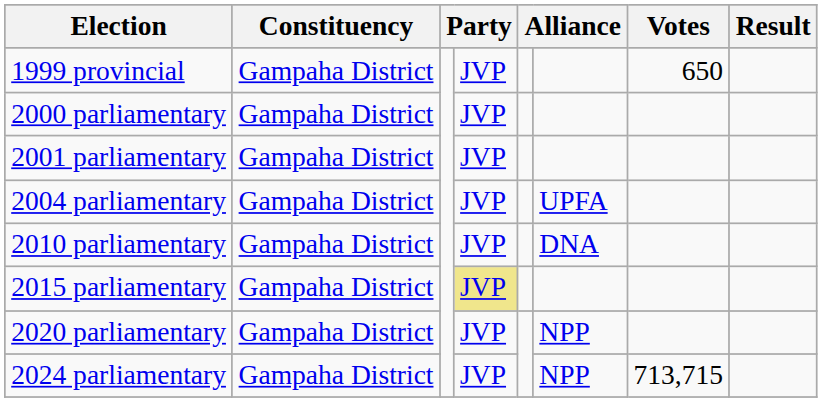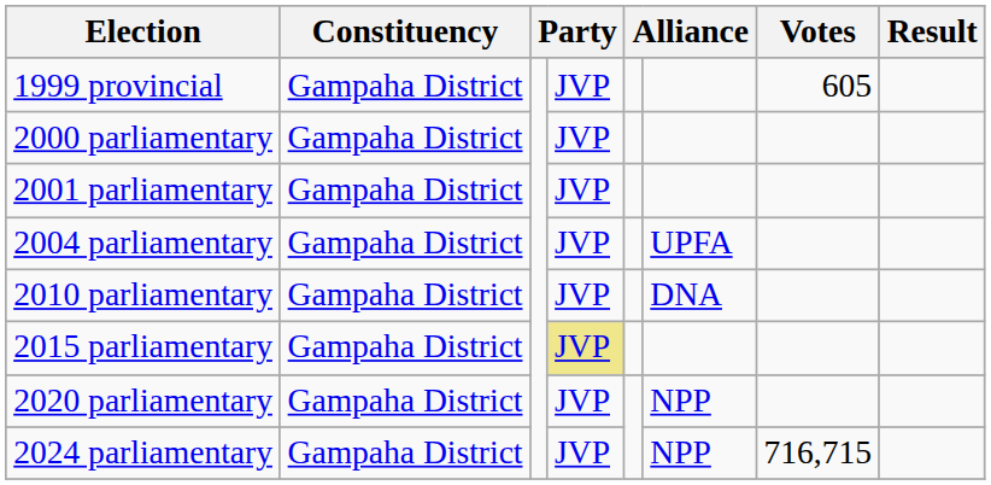 <table class="wikitable" style="text-align:left;">
 <tr>
 <th scope=col>Election</th>
 <th scope=col>Constituency</th>
 <th scope=col colspan="2">Party</th>
 <th scope=col colspan="2">Alliance</th>
 <th scope=col>Votes</th>
 <th scope=col>Result</th>
 </tr>
 <tr>
 <td><a href='#'>1999 provincial</a></td>
 <td><a href='#'>Gampaha District</a></td>
 <td rowspan="8" style="background:"></td>
 <td><a href='#'>JVP</a></td>
 <td></td>
 <td></td>
-<td align=right>650</td>
+<td align=right>605</td>
 <td></td>
 </tr>
 <tr>
 <td><a href='#'>2000 parliamentary</a></td>
 <td><a href='#'>Gampaha District</a></td>
 <td><a href='#'>JVP</a></td>
 <td></td>
 <td></td>
 <td align=right></td>
 <td></td>
 </tr>
 <tr>
 <td><a href='#'>2001 parliamentary</a></td>
 <td><a href='#'>Gampaha District</a></td>
 <td><a href='#'>JVP</a></td>
 <td></td>
 <td></td>
 <td align=right></td>
 <td></td>
 </tr>
 <tr>
 <td><a href='#'>2004 parliamentary</a></td>
 <td><a href='#'>Gampaha District</a></td>
 <td><a href='#'>JVP</a></td>
 <td style="background:"></td>
 <td><a href='#'>UPFA</a></td>
 <td align=right></td>
 <td></td>
 </tr>
 <tr>
 <td><a href='#'>2010 parliamentary</a></td>
 <td><a href='#'>Gampaha District</a></td>
 <td><a href='#'>JVP</a></td>
 <td style="background:"></td>
 <td><a href='#'>DNA</a></td>
 <td align=right></td>
 <td></td>
 </tr>
 <tr>
 <td><a href='#'>2015 parliamentary</a></td>
 <td><a href='#'>Gampaha District</a></td>
 <td style="background: khaki;"><a href='#'>JVP</a></td>
 <td></td>
 <td></td>
 <td align=right></td>
 <td></td>
 </tr>
 <tr>
 <td><a href='#'>2020 parliamentary</a></td>
 <td><a href='#'>Gampaha District</a></td>
 <td><a href='#'>JVP</a></td>
 <td rowspan="8" style="background:"></td>
 <td><a href='#'>NPP</a></td>
 <td align=right></td>
 <td></td>
 </tr>
 <tr>
 <td><a href='#'>2024 parliamentary</a></td>
 <td><a href='#'>Gampaha District</a></td>
 <td><a href='#'>JVP</a></td>
 <td><a href='#'>NPP</a></td>
-<td>713,715</td>
+<td>716,715</td>
 <td></td>
 </tr>
 </table>
